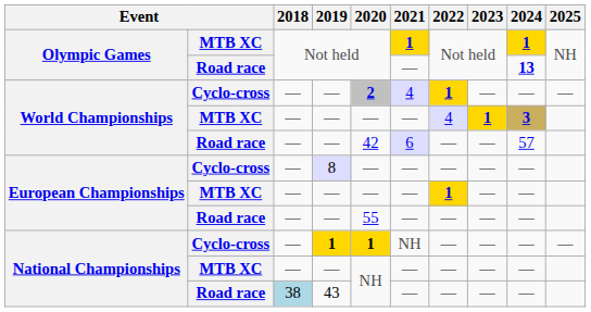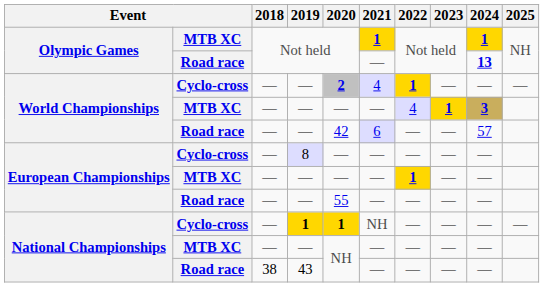 <table class="wikitable plainrowheaders">
 <tr>
 <th colspan="2" scope="col">Event</th>
 <th scope="col">2018</th>
 <th scope="col">2019</th>
 <th scope="col">2020</th>
 <th scope="col">2021</th>
 <th scope="col">2022</th>
 <th scope="col">2023</th>
 <th scope="col">2024</th>
 <th scope="col">2025</th>
 </tr>
 <tr style="text-align:center;">
 <th rowspan="2" scope="row"> <a href='#'>Olympic Games</a></th>
 <th scope="row"><a href='#'>MTB XC</a></th>
 <td style="color:#4d4d4d;" colspan=3 rowspan=2>Not held</td>
 <td style="background:gold;"><a href='#'><strong>1</strong></a></td>
 <td style="color:#4d4d4d;" colspan=2 rowspan=2>Not held</td>
 <td style="background:gold;"><a href='#'><strong>1</strong></a></td>
 <td style="color:#4d4d4d;" rowspan=2>NH</td>
 </tr>
 <tr style="text-align:center;">
 <th scope="row"><a href='#'>Road race</a></th>
 <td>—</td>
 <td><strong><a href='#'>13</a></strong></td>
 </tr>
 <tr style="text-align:center;">
 <th rowspan="3" scope="row"> <a href='#'>World Championships</a></th>
 <th scope="row"><a href='#'>Cyclo-cross</a></th>
 <td>—</td>
 <td>—</td>
 <td style="background:silver;"><a href='#'><strong>2</strong></a></td>
 <td style="background:#ddf;"><a href='#'>4</a></td>
 <td style="background:gold;"><a href='#'><strong>1</strong></a></td>
 <td>—</td>
 <td>—</td>
 <td>—</td>
 </tr>
 <tr style="text-align:center;">
 <th scope="row"><a href='#'>MTB XC</a></th>
 <td>—</td>
 <td>—</td>
 <td>—</td>
 <td>—</td>
 <td style="background:#ddf;"><a href='#'>4</a></td>
 <td style="background:gold;"><a href='#'><strong>1</strong></a></td>
 <td style="background:#C9AE5D;"><a href='#'><strong>3</strong></a></td>
 <td></td>
 </tr>
 <tr style="text-align:center;">
 <th scope="row"><a href='#'>Road race</a></th>
 <td>—</td>
 <td>—</td>
 <td><a href='#'>42</a></td>
 <td style="background:#ddf;"><a href='#'>6</a></td>
 <td>—</td>
 <td>—</td>
 <td><a href='#'>57</a></td>
 <td></td>
 </tr>
 <tr style="text-align:center;">
 <th rowspan="3" scope="row"> <a href='#'>European Championships</a></th>
 <th scope="row"><a href='#'>Cyclo-cross</a></th>
 <td>—</td>
 <td style="background:#ddf;">8</td>
 <td>—</td>
 <td>—</td>
 <td>—</td>
 <td>—</td>
 <td>—</td>
 <td></td>
 </tr>
 <tr style="text-align:center;">
 <th scope="row"><a href='#'>MTB XC</a></th>
 <td>—</td>
 <td>—</td>
 <td>—</td>
 <td>—</td>
 <td style="background:gold;"><a href='#'><strong>1</strong></a></td>
 <td>—</td>
 <td>—</td>
 <td></td>
 </tr>
 <tr style="text-align:center;">
 <th scope="row"><a href='#'>Road race</a></th>
 <td>—</td>
 <td>—</td>
 <td><a href='#'>55</a></td>
 <td>—</td>
 <td>—</td>
 <td>—</td>
 <td>—</td>
 <td></td>
 </tr>
 <tr style="text-align:center;">
 <th rowspan="3" scope="row"> <a href='#'>National Championships</a></th>
 <th scope="row"><a href='#'>Cyclo-cross</a></th>
 <td>—</td>
 <td style="background:gold;"><strong>1</strong></td>
 <td style="background:gold;"><strong>1</strong></td>
 <td style="color:#4d4d4d;">NH</td>
 <td>—</td>
 <td>—</td>
 <td>—</td>
 <td>—</td>
 </tr>
 <tr style="text-align:center;">
 <th scope="row"><a href='#'>MTB XC</a></th>
 <td>—</td>
 <td>—</td>
 <td style="color:#4d4d4d;" rowspan=2>NH</td>
 <td>—</td>
 <td>—</td>
 <td>—</td>
 <td>—</td>
 <td></td>
 </tr>
 <tr style="text-align:center;">
 <th scope="row"><a href='#'>Road race</a></th>
-<td style="background: lightblue;">38</td>
+<td>38</td>
 <td>43</td>
 <td>—</td>
 <td>—</td>
 <td>—</td>
 <td>—</td>
 <td></td>
 </tr>
 </table>
